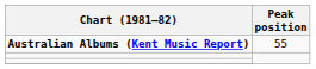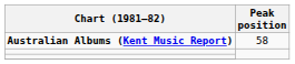 <table class="wikitable">
 <tr>
 <th>Chart (1981–82)</th>
 <th>Peak<br>position</th>
 </tr>
 <tr>
 <td><strong>Australian Albums (<a href='#'>Kent Music Report</a>)</strong></td>
-<td align="center">55</td>
+<td align="center">58</td>
 </tr>
 <tr>
 <td></td>
 </tr>
 <tr>
 <td></td>
 </tr>
 <tr>
 </tr>
 </table>
